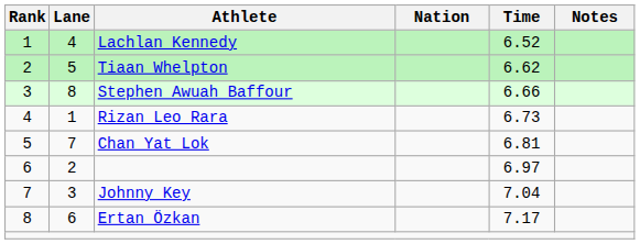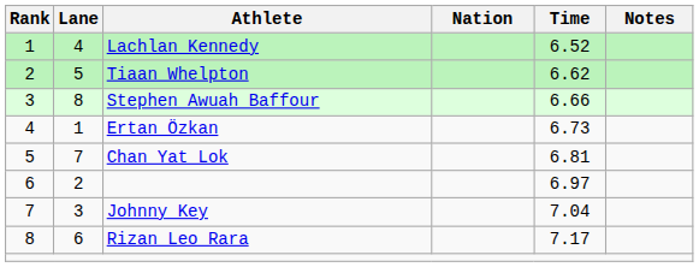 <table class="wikitable sortable" style="text-align:center;width: 60%;">
 <tr>
 <th scope="col" style="width: 10px;">Rank</th>
 <th scope="col" style="width: 10px;">Lane</th>
 <th scope="col">Athlete</th>
 <th scope="col">Nation</th>
 <th scope="col">Time</th>
 <th scope="col">Notes</th>
 </tr>
 <tr bgcolor=bbf3bb>
 <td>1</td>
 <td>4</td>
 <td align=left><a href='#'>Lachlan Kennedy</a></td>
 <td align=left></td>
 <td>6.52</td>
 <td></td>
 </tr>
 <tr bgcolor=bbf3bb>
 <td>2</td>
 <td>5</td>
 <td align=left><a href='#'>Tiaan Whelpton</a></td>
 <td align=left></td>
 <td>6.62</td>
 <td></td>
 </tr>
 <tr bgcolor=ddffdd>
 <td>3</td>
 <td>8</td>
 <td align=left><a href='#'>Stephen Awuah Baffour</a></td>
 <td align=left></td>
 <td>6.66</td>
 <td></td>
 </tr>
 <tr>
 <td>4</td>
 <td>1</td>
-<td align=left><a href='#'>Rizan Leo Rara</a></td>
+<td align=left><a href='#'>Ertan Özkan</a></td>
 <td align=left></td>
 <td>6.73</td>
 <td></td>
 </tr>
 <tr>
 <td>5</td>
 <td>7</td>
 <td align=left><a href='#'>Chan Yat Lok</a></td>
 <td align=left></td>
 <td>6.81</td>
 <td></td>
 </tr>
 <tr>
 <td>6</td>
 <td>2</td>
 <td align=left></td>
 <td align=left></td>
 <td>6.97</td>
 <td></td>
 </tr>
 <tr>
 <td>7</td>
 <td>3</td>
 <td align=left><a href='#'>Johnny Key</a></td>
 <td align=left></td>
 <td>7.04</td>
 <td></td>
 </tr>
 <tr>
 <td>8</td>
 <td>6</td>
-<td align=left><a href='#'>Ertan Özkan</a></td>
+<td align=left><a href='#'>Rizan Leo Rara</a></td>
 <td align=left></td>
 <td>7.17</td>
 <td></td>
 </tr>
 <tr class="sortbottom">
 <td colspan="6"></td>
 </tr>
 </table>
